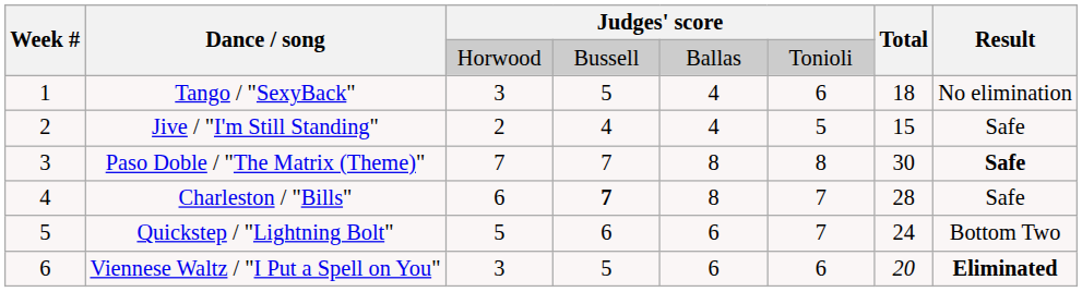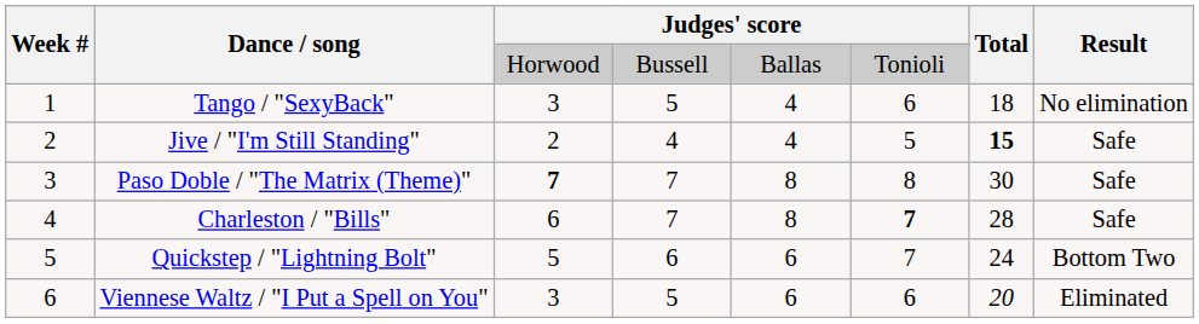 <table class="wikitable collapsible collapsed">
 <tr style="text-align:Center; background:#ccc;">
 <th rowspan="2">Week #</th>
 <th rowspan="2">Dance / song</th>
 <th colspan="4">Judges' score</th>
 <th rowspan="2">Total</th>
 <th rowspan="2">Result</th>
 </tr>
 <tr style="text-align:center; background:#ccc;">
 <td style="width:10%; ">Horwood</td>
 <td style="width:10%; ">Bussell</td>
 <td style="width:10%; ">Ballas</td>
 <td style="width:10%; ">Tonioli</td>
 </tr>
 <tr style="text-align: center; background:#faf6f6;">
 <td>1</td>
 <td><a href='#'>Tango</a> / "<a href='#'>SexyBack</a>"</td>
 <td>3</td>
 <td>5</td>
 <td>4</td>
 <td>6</td>
 <td>18</td>
 <td>No elimination</td>
 </tr>
 <tr style="text-align: center; background:#faf6f6;">
 <td>2</td>
 <td><a href='#'>Jive</a> / "<a href='#'>I'm Still Standing</a>"</td>
 <td>2</td>
 <td>4</td>
 <td>4</td>
 <td>5</td>
-<td>15</td>
+<td><strong>15</strong></td>
 <td>Safe</td>
 </tr>
 <tr style="text-align: center; background:#faf6f6;">
 <td>3</td>
 <td><a href='#'>Paso Doble</a> / "<a href='#'>The Matrix (Theme)</a>"</td>
-<td>7</td>
+<td><strong>7</strong></td>
 <td>7</td>
 <td>8</td>
 <td>8</td>
 <td>30</td>
-<td><strong>Safe</strong></td>
+<td>Safe</td>
 </tr>
 <tr style="text-align: center; background:#faf6f6;">
 <td>4</td>
 <td><a href='#'>Charleston</a> / "<a href='#'>Bills</a>"</td>
 <td>6</td>
+<td>7</td>
+<td>8</td>
 <td><strong>7</strong></td>
-<td>8</td>
-<td>7</td>
 <td>28</td>
 <td>Safe</td>
 </tr>
 <tr style="text-align: center; background:#faf6f6;">
 <td>5</td>
 <td><a href='#'>Quickstep</a> / "<a href='#'>Lightning Bolt</a>"</td>
 <td>5</td>
 <td>6</td>
 <td>6</td>
 <td>7</td>
 <td>24</td>
 <td>Bottom Two</td>
 </tr>
 <tr style="text-align: center; background:#faf6f6;">
 <td>6</td>
 <td><a href='#'>Viennese Waltz</a> / "<a href='#'>I Put a Spell on You</a>"</td>
 <td>3</td>
 <td>5</td>
 <td>6</td>
 <td>6</td>
 <td><span><em>20</em></span></td>
-<td><strong>Eliminated</strong></td>
+<td>Eliminated</td>
 </tr>
 </table>
